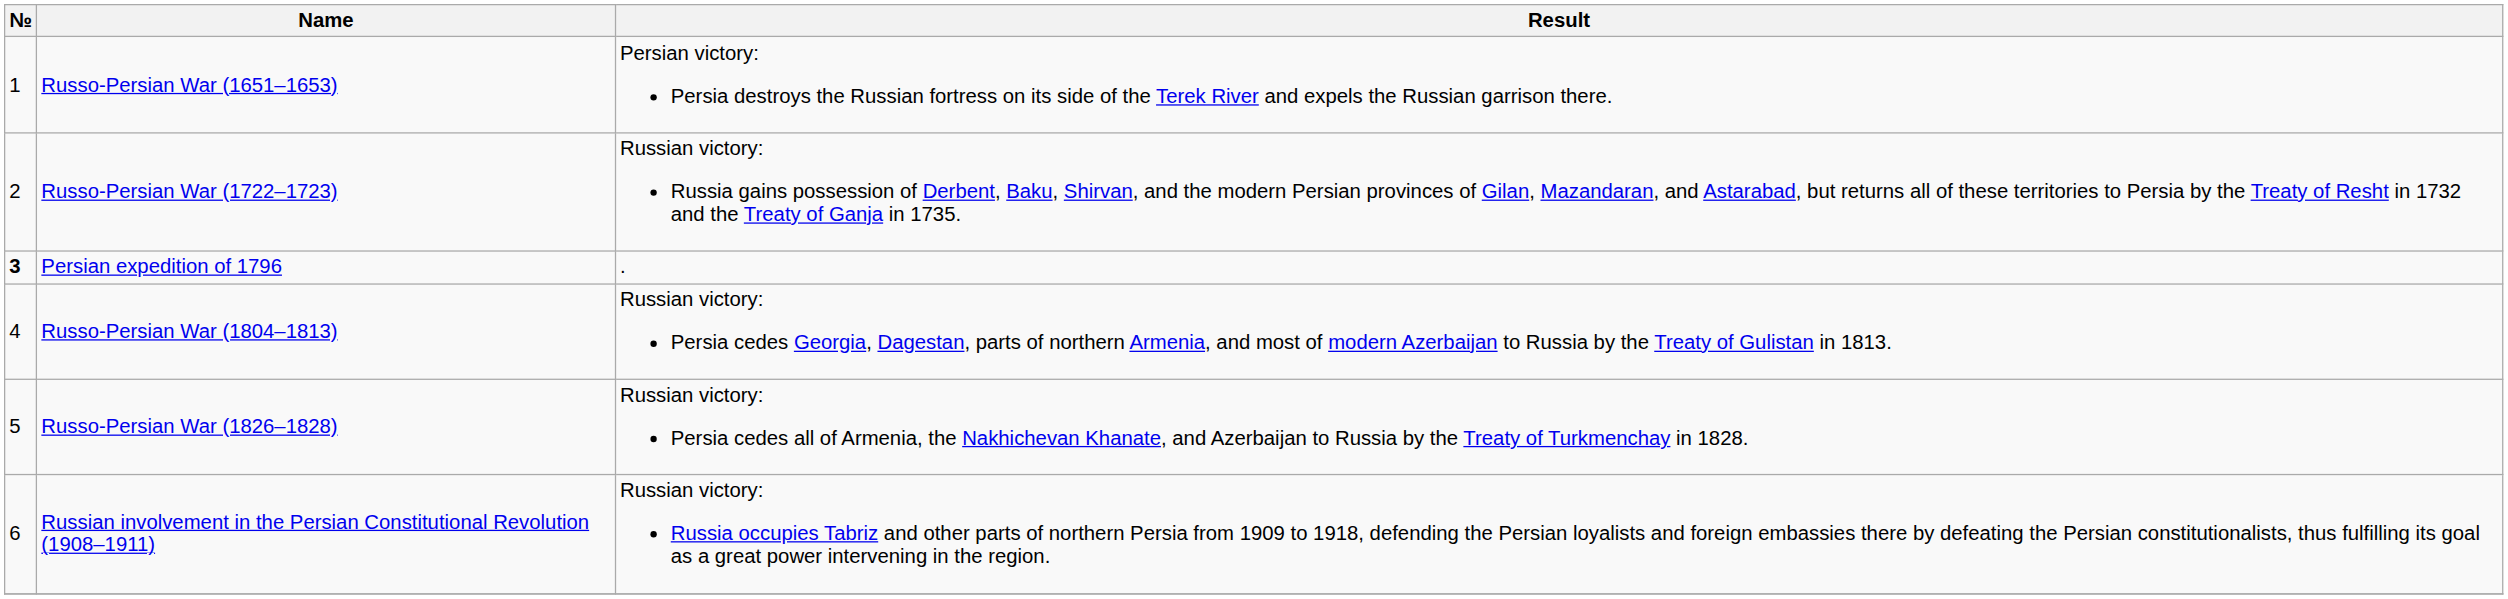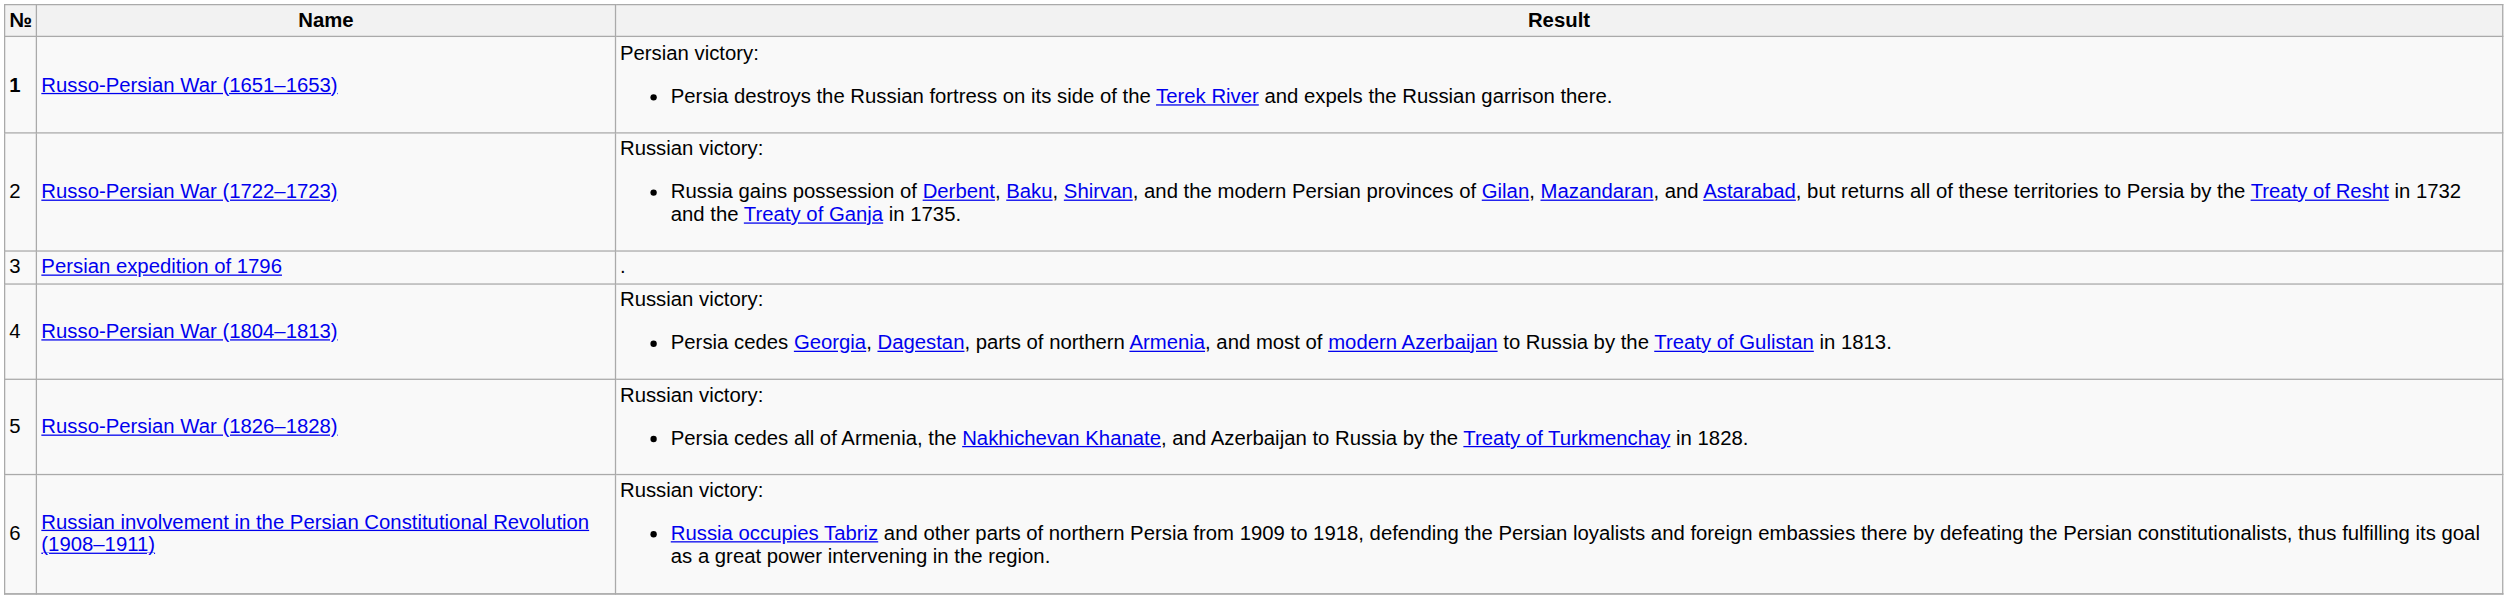 <table class="wikitable">
 <tr>
 <th>№</th>
 <th>Name</th>
 <th>Result</th>
 </tr>
 <tr>
-<td>1</td>
+<td><strong>1</strong></td>
 <td><a href='#'>Russo-Persian War (1651–1653)</a></td>
 <td>Persian victory:<br><ul><li>Persia destroys the Russian fortress on its side of the <a href='#'>Terek River</a> and expels the Russian garrison there.</li></ul></td>
 </tr>
 <tr>
 <td>2</td>
 <td><a href='#'>Russo-Persian War (1722–1723)</a></td>
 <td>Russian victory:<br><ul><li>Russia gains possession of <a href='#'>Derbent</a>, <a href='#'>Baku</a>, <a href='#'>Shirvan</a>, and the modern Persian provinces of <a href='#'>Gilan</a>, <a href='#'>Mazandaran</a>, and <a href='#'>Astarabad</a>, but returns all of these territories to Persia by the <a href='#'>Treaty of Resht</a> in 1732 and the <a href='#'>Treaty of Ganja</a> in 1735.</li></ul></td>
 </tr>
 <tr>
-<td><strong>3</strong></td>
+<td>3</td>
 <td><a href='#'>Persian expedition of 1796</a></td>
 <td>.</td>
 </tr>
 <tr>
 <td>4</td>
 <td><a href='#'>Russo-Persian War (1804–1813)</a></td>
 <td>Russian victory:<br><ul><li>Persia cedes <a href='#'>Georgia</a>, <a href='#'>Dagestan</a>, parts of northern <a href='#'>Armenia</a>, and most of <a href='#'>modern Azerbaijan</a> to Russia by the <a href='#'>Treaty of Gulistan</a> in 1813.</li></ul></td>
 </tr>
 <tr>
 <td>5</td>
 <td><a href='#'>Russo-Persian War (1826–1828)</a></td>
 <td>Russian victory:<br><ul><li>Persia cedes all of Armenia, the <a href='#'>Nakhichevan Khanate</a>, and Azerbaijan to Russia by the <a href='#'>Treaty of Turkmenchay</a> in 1828.</li></ul></td>
 </tr>
 <tr>
 <td>6</td>
 <td><a href='#'>Russian involvement in the Persian Constitutional Revolution (1908–1911)</a></td>
 <td>Russian victory:<br><ul><li><a href='#'>Russia occupies Tabriz</a> and other parts of northern Persia from 1909 to 1918, defending the Persian loyalists and foreign embassies there by defeating the Persian constitutionalists, thus fulfilling its goal as a great power intervening in the region.</li></ul></td>
 </tr>
 <tr>
 </tr>
 </table>
